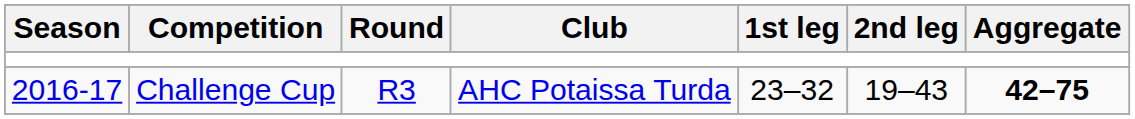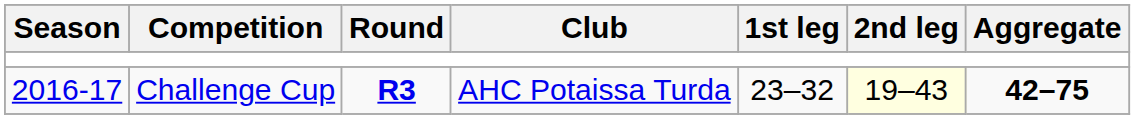 <table class="wikitable">
 <tr>
 <th>Season</th>
 <th>Competition</th>
 <th>Round</th>
 <th>Club</th>
 <th>1st leg</th>
 <th>2nd leg</th>
 <th>Aggregate</th>
 </tr>
 <tr>
 <td colspan="7" bgcolor=white></td>
 </tr>
 <tr>
 <td><a href='#'>2016-17</a></td>
 <td><a href='#'>Challenge Cup</a></td>
-<td style="text-align:center;"><a href='#'>R3</a></td>
+<td style="text-align:center;"><strong><a href='#'>R3</a></strong></td>
 <td> <a href='#'>AHC Potaissa Turda</a></td>
 <td style="text-align:center;">23–32</td>
-<td style="text-align:center;">19–43</td>
+<td style="background: lightyellow; text-align:center;">19–43</td>
 <td style="text-align:center;"><strong>42–75</strong></td>
 </tr>
 </table>
